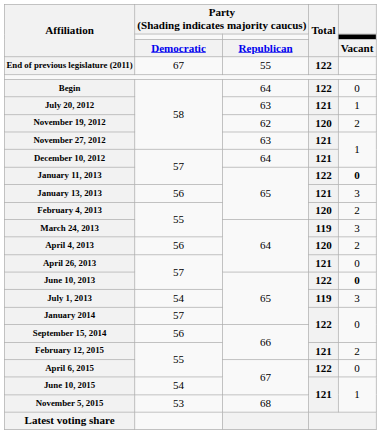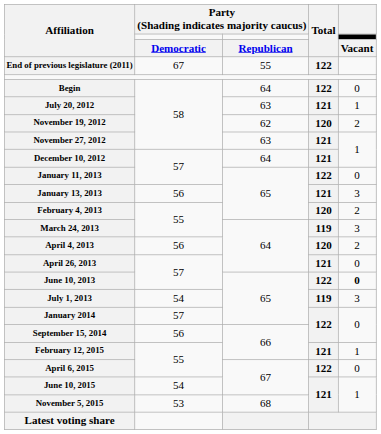 <table class="wikitable" style="text-align:center">
 <tr>
 <th rowspan="3">Affiliation</th>
 <th colspan="2">Party <div>(Shading indicates majority caucus)</div></th>
 <th rowspan="3">Total</th>
 <th></th>
 </tr>
 <tr style="height:5px">
 <td style="background-color:"></td>
 <td style="background-color:"></td>
 <td style="background: black"></td>
 </tr>
 <tr>
 <th><a href='#'>Democratic</a></th>
 <th><a href='#'>Republican</a></th>
 <th>Vacant</th>
 </tr>
 <tr>
 <th nowrap="" style="font-size:80%">End of previous legislature (2011)</th>
 <td>67</td>
 <td>55</td>
 <th>122</th>
 <td></td>
 </tr>
 <tr>
 <td colspan="5"></td>
 </tr>
 <tr>
 <th nowrap="" style="font-size:80%">Begin</th>
 <td rowspan="4">58</td>
 <td>64</td>
 <th>122</th>
 <td>0</td>
 </tr>
 <tr>
 <th nowrap="" style="font-size:80%">July 20, 2012</th>
 <td>63</td>
 <th>121</th>
 <td>1</td>
 </tr>
 <tr>
 <th nowrap="" style="font-size:80%">November 19, 2012</th>
 <td>62</td>
 <th>120</th>
 <td>2</td>
 </tr>
 <tr>
 <th nowrap="" style="font-size:80%">November 27, 2012</th>
 <td>63</td>
 <th>121</th>
 <td rowspan="2">1</td>
 </tr>
 <tr>
 <th nowrap="" style="font-size:80%">December 10, 2012</th>
 <td rowspan="2">57</td>
 <td>64</td>
 <th>121</th>
 </tr>
 <tr>
 <th nowrap="" style="font-size:80%">January 11, 2013</th>
 <td rowspan="3" >65</td>
 <th>122</th>
-<td><strong>0</strong></td>
+<td>0</td>
 </tr>
 <tr>
 <th nowrap="" style="font-size:80%">January 13, 2013</th>
 <td>56</td>
 <th>121</th>
 <td>3</td>
 </tr>
 <tr>
 <th nowrap="" style="font-size:80%">February 4, 2013</th>
 <td rowspan="2">55</td>
 <th>120</th>
 <td>2</td>
 </tr>
 <tr>
 <th nowrap="" style="font-size:80%">March 24, 2013</th>
 <td rowspan="3" >64</td>
 <th>119</th>
 <td>3</td>
 </tr>
 <tr>
 <th nowrap="" style="font-size:80%">April 4, 2013</th>
 <td>56</td>
 <th>120</th>
 <td>2</td>
 </tr>
 <tr>
 <th nowrap="" style="font-size:80%">April 26, 2013</th>
 <td rowspan="2">57</td>
 <th>121</th>
 <td>0</td>
 </tr>
 <tr>
 <th nowrap="" style="font-size:80%">June 10, 2013</th>
 <td rowspan="3" >65</td>
 <th>122</th>
 <td><strong>0</strong></td>
 </tr>
 <tr>
 <th nowrap="" style="font-size:80%">July 1, 2013</th>
 <td>54</td>
 <th>119</th>
 <td>3</td>
 </tr>
 <tr>
 <th nowrap="" style="font-size:80%">January 2014</th>
 <td>57</td>
 <th rowspan="2">122</th>
 <td rowspan="2">0</td>
 </tr>
 <tr>
 <th nowrap="" style="font-size:80%">September 15, 2014</th>
 <td>56</td>
 <td rowspan="2" >66</td>
 </tr>
 <tr>
 <th nowrap="" style="font-size:80%">February 12, 2015</th>
 <td rowspan="2">55</td>
 <th>121</th>
-<td>2</td>
+<td>1</td>
 </tr>
 <tr>
 <th nowrap="" style="font-size:80%">April 6, 2015</th>
 <td rowspan="2" >67</td>
 <th>122</th>
 <td>0</td>
 </tr>
 <tr>
 <th nowrap="" style="font-size:80%">June 10, 2015</th>
 <td>54</td>
 <th rowspan="2">121</th>
 <td rowspan="2">1</td>
 </tr>
 <tr>
 <th nowrap="" style="font-size:80%">November 5, 2015</th>
 <td>53</td>
 <td>68</td>
 </tr>
 <tr>
 <th>Latest voting share</th>
 <td></td>
 <th></th>
 <th colspan="2"></th>
 </tr>
 </table>
